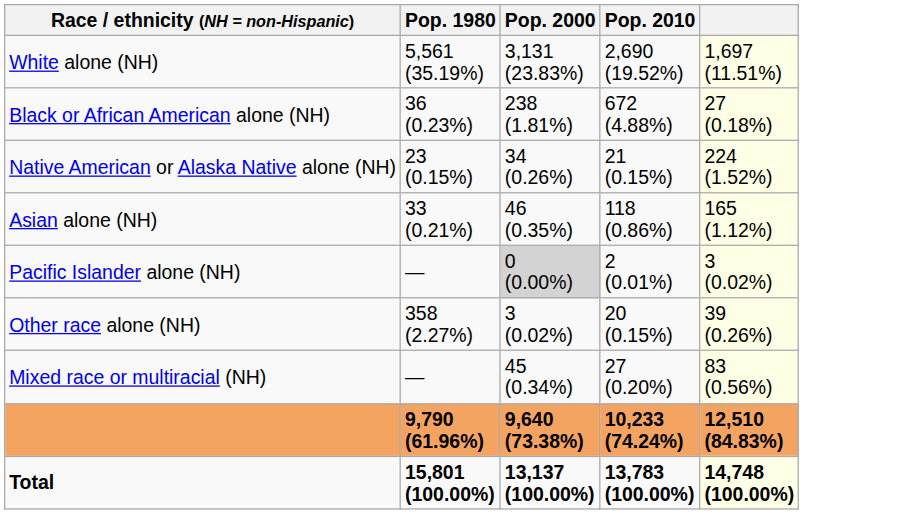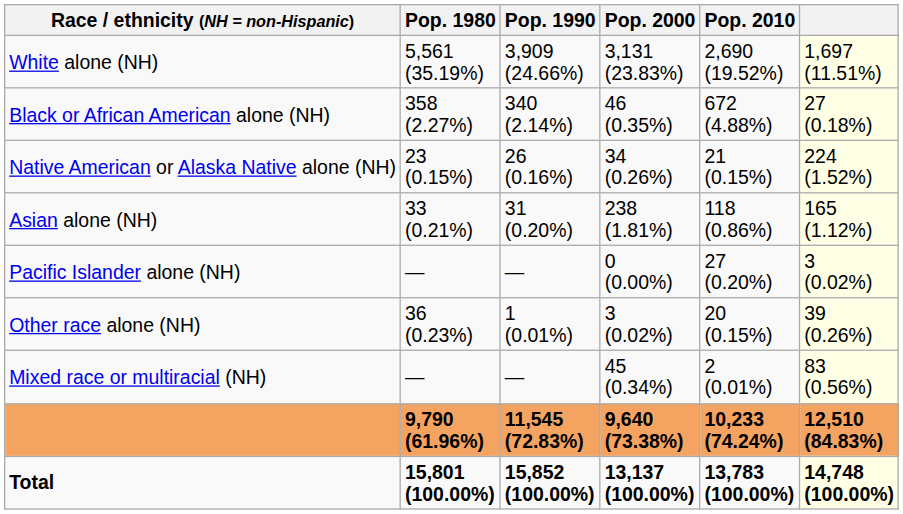 <table class="wikitable sortable collapsible" style="font-size: 95%;">
 <tr>
 <th>Race / ethnicity <small>(<em>NH = non-Hispanic</em>)</small></th>
 <th>Pop. 1980</th>
+<th>Pop. 1990</th>
 <th>Pop. 2000</th>
 <th>Pop. 2010</th>
 <th></th>
 </tr>
 <tr>
 <td><a href='#'>White</a> alone (NH)</td>
 <td>5,561<br>(35.19%)</td>
+<td>3,909<br>(24.66%)</td>
 <td>3,131<br>(23.83%)</td>
 <td>2,690<br>(19.52%)</td>
 <td style='background: #ffffe6;'>1,697<br>(11.51%)</td>
 </tr>
 <tr>
 <td><a href='#'>Black or African American</a> alone (NH)</td>
-<td>36<br>(0.23%)</td>
-<td>238<br>(1.81%)</td>
+<td>358<br>(2.27%)</td>
+<td>340<br>(2.14%)</td>
+<td>46<br>(0.35%)</td>
 <td>672<br>(4.88%)</td>
 <td style='background: #ffffe6;'>27<br>(0.18%)</td>
 </tr>
 <tr>
 <td><a href='#'>Native American</a> or <a href='#'>Alaska Native</a> alone (NH)</td>
 <td>23<br>(0.15%)</td>
+<td>26<br>(0.16%)</td>
 <td>34<br>(0.26%)</td>
 <td>21<br>(0.15%)</td>
 <td style='background: #ffffe6;'>224<br>(1.52%)</td>
 </tr>
 <tr>
 <td><a href='#'>Asian</a> alone (NH)</td>
 <td>33<br>(0.21%)</td>
-<td>46<br>(0.35%)</td>
+<td>31<br>(0.20%)</td>
+<td>238<br>(1.81%)</td>
 <td>118<br>(0.86%)</td>
 <td style='background: #ffffe6;'>165<br>(1.12%)</td>
 </tr>
 <tr>
 <td><a href='#'>Pacific Islander</a> alone (NH)</td>
 <td>—</td>
-<td style="background: lightgrey;">0<br>(0.00%)</td>
-<td>2<br>(0.01%)</td>
+<td>—</td>
+<td>0<br>(0.00%)</td>
+<td>27<br>(0.20%)</td>
 <td style='background: #ffffe6;'>3<br>(0.02%)</td>
 </tr>
 <tr>
 <td><a href='#'>Other race</a> alone (NH)</td>
-<td>358<br>(2.27%)</td>
+<td>36<br>(0.23%)</td>
+<td>1<br>(0.01%)</td>
 <td>3<br>(0.02%)</td>
 <td>20<br>(0.15%)</td>
 <td style='background: #ffffe6;'>39<br>(0.26%)</td>
 </tr>
 <tr>
 <td><a href='#'>Mixed race or multiracial</a> (NH)</td>
 <td>—</td>
+<td>—</td>
 <td>45<br>(0.34%)</td>
-<td>27<br>(0.20%)</td>
+<td>2<br>(0.01%)</td>
 <td style='background: #ffffe6;'>83<br>(0.56%)</td>
 </tr>
 <tr style='background: #F4A460;'>
 <td><big><strong><a href='#'></a></strong> <strong></strong></big></td>
 <td><strong>9,790<br>(61.96%)</strong></td>
+<td><strong>11,545<br>(72.83%)</strong></td>
 <td><strong>9,640<br>(73.38%)</strong></td>
 <td><strong>10,233<br>(74.24%)</strong></td>
 <td><strong>12,510<br>(84.83%)</strong></td>
 </tr>
 <tr>
 <td><strong>Total</strong></td>
 <td><strong>15,801<br>(100.00%)</strong></td>
+<td><strong>15,852<br>(100.00%)</strong></td>
 <td><strong>13,137<br>(100.00%)</strong></td>
 <td><strong>13,783<br>(100.00%)</strong></td>
 <td style='background: #ffffe6;'><strong>14,748<br>(100.00%)</strong></td>
 </tr>
 </table>
